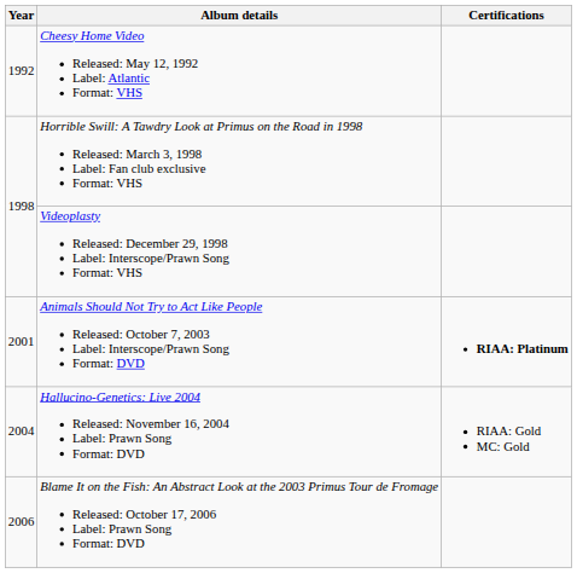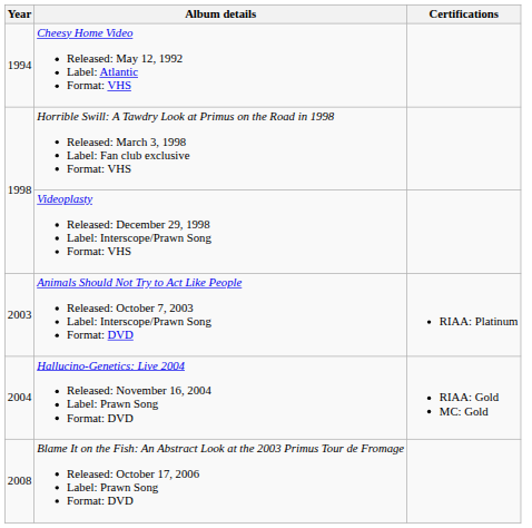 <table class="wikitable">
 <tr>
 <th>Year</th>
 <th>Album details</th>
 <th>Certifications</th>
 </tr>
 <tr>
-<td>1992</td>
+<td>1994</td>
 <td><em><a href='#'>Cheesy Home Video</a></em><br><ul><li>Released: May 12, 1992</li><li>Label: <a href='#'>Atlantic</a></li><li>Format: <a href='#'>VHS</a></li></ul></td>
 <td></td>
 </tr>
 <tr>
 <td rowspan="2">1998</td>
 <td><em>Horrible Swill: A Tawdry Look at Primus on the Road in 1998</em><br><ul><li>Released: March 3, 1998</li><li>Label: Fan club exclusive</li><li>Format: VHS</li></ul></td>
 <td></td>
 </tr>
 <tr>
 <td><em><a href='#'>Videoplasty</a></em><br><ul><li>Released: December 29, 1998</li><li>Label: Interscope/Prawn Song</li><li>Format: VHS</li></ul></td>
 <td></td>
 </tr>
 <tr>
-<td>2001</td>
+<td>2003</td>
 <td><em><a href='#'>Animals Should Not Try to Act Like People</a></em><br><ul><li>Released: October 7, 2003</li><li>Label: Interscope/Prawn Song</li><li>Format: <a href='#'>DVD</a></li></ul></td>
-<td><strong><br><ul><li>RIAA: Platinum</li></ul></strong></td>
+<td><br><ul><li>RIAA: Platinum</li></ul></td>
 </tr>
 <tr>
 <td>2004</td>
 <td><em><a href='#'>Hallucino-Genetics: Live 2004</a></em><br><ul><li>Released: November 16, 2004</li><li>Label: Prawn Song</li><li>Format: DVD</li></ul></td>
 <td><br><ul><li>RIAA: Gold</li><li>MC: Gold</li></ul></td>
 </tr>
 <tr>
-<td>2006</td>
+<td>2008</td>
 <td><em>Blame It on the Fish: An Abstract Look at the 2003 Primus Tour de Fromage</em><br><ul><li>Released: October 17, 2006</li><li>Label: Prawn Song</li><li>Format: DVD</li></ul></td>
 <td></td>
 </tr>
 </table>
